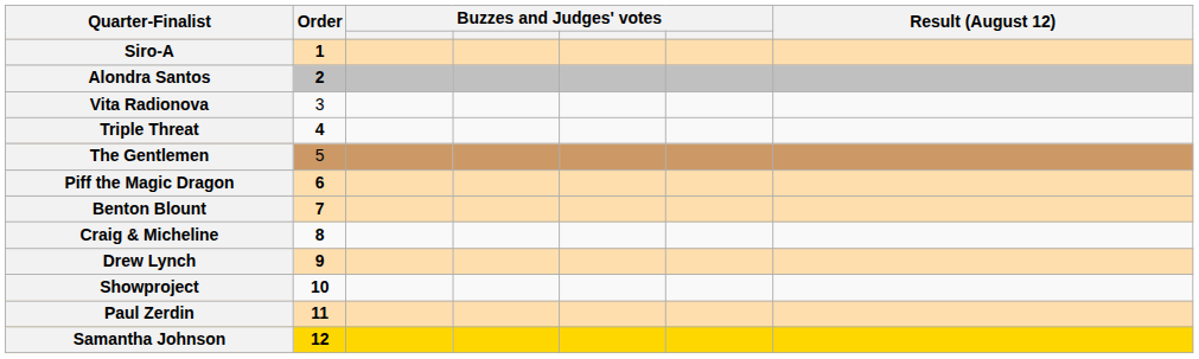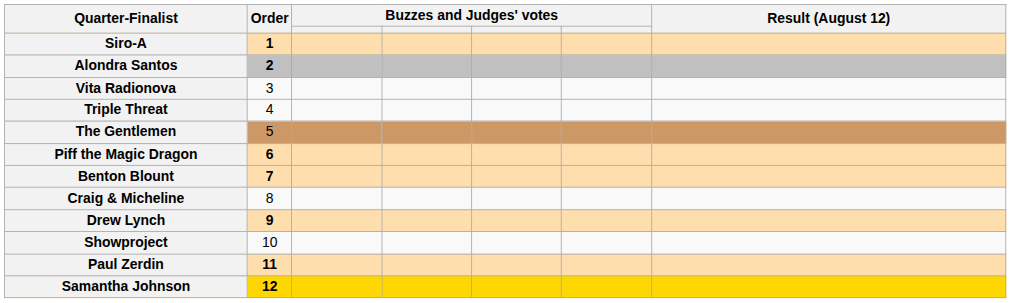 <table class="wikitable plainrowheaders sortable" style="text-align:center;">
 <tr>
 <th scope="col" rowspan="2" class="unsortable" style="width:17em;">Quarter-Finalist</th>
 <th scope="col" rowspan="2" style="width:1em;">Order</th>
 <th scope="col" colspan="4" class="unsortable" style="width:24em;">Buzzes and Judges' votes</th>
 <th scope="col" rowspan="2" style="width:25em;">Result (August 12)</th>
 </tr>
 <tr>
 <th scope="col" class="unsortable" style="width:6em;"></th>
 <th scope="col" class="unsortable" style="width:6em;"></th>
 <th scope="col" class="unsortable" style="width:6em;"></th>
 <th scope="col" class="unsortable" style="width:6em;"></th>
 </tr>
 <tr style="background:NavajoWhite">
 <th scope="row"><strong>Siro-A</strong></th>
 <td><strong>1</strong></td>
 <td style="text-align:center;"></td>
 <td style="text-align:center;"></td>
 <td style="text-align:center;"></td>
 <td style="text-align:center;"></td>
 <td><strong></strong></td>
 </tr>
 <tr style="background:silver">
 <th scope="row"><strong>Alondra Santos</strong></th>
 <td><strong>2</strong></td>
 <td style="text-align:center;"></td>
 <td style="text-align:center;"></td>
 <td style="text-align:center;"></td>
 <td style="text-align:center;"></td>
 <td><strong></strong></td>
 </tr>
 <tr>
 <th scope="row">Vita Radionova</th>
 <td>3</td>
 <td style="text-align:center;"></td>
 <td style="text-align:center;"></td>
 <td style="text-align:center;"></td>
 <td style="text-align:center;"></td>
 <td></td>
 </tr>
 <tr>
 <th scope="row">Triple Threat</th>
-<td><strong>4</strong></td>
+<td>4</td>
 <td style="text-align:center;"></td>
 <td style="text-align:center;"></td>
 <td style="text-align:center;"></td>
 <td style="text-align:center;"></td>
 <td></td>
 </tr>
 <tr style="background:#c96">
 <th scope="row">The Gentlemen</th>
 <td>5</td>
 <td style="text-align:center;"></td>
 <td style="text-align:center;"></td>
 <td style="text-align:center;"></td>
 <td style="text-align:center;"></td>
 <td></td>
 </tr>
 <tr style="background:NavajoWhite">
 <th scope="row"><strong>Piff the Magic Dragon</strong></th>
 <td><strong>6</strong></td>
 <td style="text-align:center;"></td>
 <td style="text-align:center;"></td>
 <td style="text-align:center;"></td>
 <td style="text-align:center;"></td>
 <td><strong></strong></td>
 </tr>
 <tr style="background:NavajoWhite">
 <th scope="row"><strong>Benton Blount</strong></th>
 <td><strong>7</strong></td>
 <td style="text-align:center;"></td>
 <td style="text-align:center;"></td>
 <td style="text-align:center;"></td>
 <td style="text-align:center;"></td>
 <td><strong></strong></td>
 </tr>
 <tr>
 <th scope="row">Craig & Micheline</th>
-<td><strong>8</strong></td>
+<td>8</td>
 <td style="text-align:center;"></td>
 <td style="text-align:center;"></td>
 <td style="text-align:center;"></td>
 <td style="text-align:center;"></td>
 <td></td>
 </tr>
 <tr style="background:NavajoWhite">
 <th scope="row"><strong>Drew Lynch</strong></th>
 <td><strong>9</strong></td>
 <td style="text-align:center;"></td>
 <td style="text-align:center;"></td>
 <td style="text-align:center;"></td>
 <td style="text-align:center;"></td>
 <td><strong></strong></td>
 </tr>
 <tr>
 <th scope="row">Showproject</th>
-<td><strong>10</strong></td>
+<td>10</td>
 <td style="text-align:center;"></td>
 <td style="text-align:center;"></td>
 <td style="text-align:center;"></td>
 <td style="text-align:center;"></td>
 <td></td>
 </tr>
 <tr style="background:NavajoWhite">
 <th scope="row"><strong>Paul Zerdin</strong></th>
 <td><strong>11</strong></td>
 <td style="text-align:center;"></td>
 <td style="text-align:center;"></td>
 <td style="text-align:center;"></td>
 <td style="text-align:center;"></td>
 <td><strong></strong></td>
 </tr>
 <tr style="background:gold">
 <th scope="row"><strong>Samantha Johnson</strong></th>
 <td><strong>12</strong></td>
 <td style="text-align:center;"></td>
 <td style="text-align:center;"></td>
 <td style="text-align:center;"></td>
 <td style="text-align:center;"></td>
 <td><strong></strong></td>
 </tr>
 </table>
